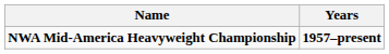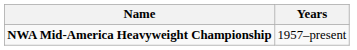 <table class="wikitable">
 <tr>
 <th>Name</th>
 <th>Years</th>
 </tr>
 <tr>
 <td><strong>NWA Mid-America Heavyweight Championship</strong></td>
-<td><strong>1957–present</strong></td>
+<td>1957–present</td>
 </tr>
 </table>
